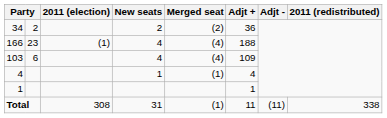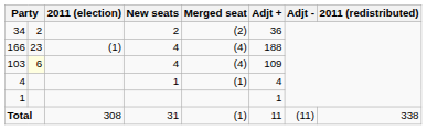 <table class="wikitable" style="text-align:right">
 <tr>
 <th colspan="2">Party</th>
 <th>2011 (election)</th>
 <th>New seats</th>
 <th>Merged seat</th>
 <th>Adjt +</th>
 <th>Adjt -</th>
 <th>2011 (redistributed)</th>
 </tr>
 <tr>
 <td>34</td>
 <td>2</td>
 <td></td>
 <td>2</td>
 <td>(2)</td>
 <td>36</td>
 </tr>
 <tr>
 <td>166</td>
 <td>23</td>
 <td>(1)</td>
 <td>4</td>
 <td>(4)</td>
 <td>188</td>
 </tr>
 <tr>
 <td>103</td>
-<td>6</td>
+<td style="background: lightyellow;">6</td>
 <td></td>
 <td>4</td>
 <td>(4)</td>
 <td>109</td>
 </tr>
 <tr>
 <td>4</td>
 <td></td>
 <td></td>
 <td>1</td>
 <td>(1)</td>
 <td>4</td>
 </tr>
 <tr>
 <td>1</td>
 <td></td>
 <td></td>
 <td></td>
 <td></td>
 <td>1</td>
 </tr>
 <tr>
 <td colspan="2" style="text-align:left;"><strong>Total</strong></td>
 <td>308</td>
 <td>31</td>
 <td>(1)</td>
 <td>11</td>
 <td>(11)</td>
 <td>338</td>
 </tr>
 </table>
